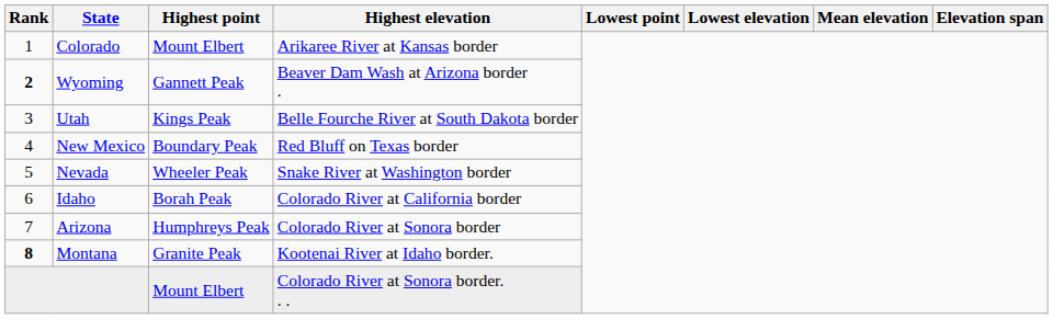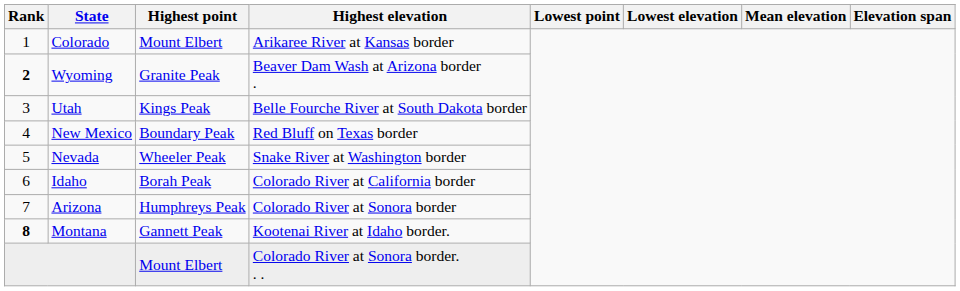 <table class="wikitable sortable">
 <tr>
 <th>Rank</th>
 <th><a href='#'>State</a></th>
 <th>Highest point</th>
 <th>Highest elevation</th>
 <th>Lowest point</th>
 <th>Lowest elevation</th>
 <th>Mean elevation</th>
 <th>Elevation span</th>
 </tr>
 <tr>
 <td align="center">1</td>
 <td><a href='#'>Colorado</a></td>
 <td><a href='#'>Mount Elbert</a><br></td>
 <td><a href='#'>Arikaree River</a> at <a href='#'>Kansas</a> border<br>  </td>
 </tr>
 <tr>
 <td align="center"><strong>2</strong></td>
 <td><a href='#'>Wyoming</a></td>
-<td><a href='#'>Gannett Peak</a><br></td>
+<td><a href='#'>Granite Peak</a><br></td>
 <td><a href='#'>Beaver Dam Wash</a> at <a href='#'>Arizona</a> border<br>  .</td>
 </tr>
 <tr>
 <td align="center">3</td>
 <td><a href='#'>Utah</a></td>
 <td><a href='#'>Kings Peak</a><br></td>
 <td><a href='#'>Belle Fourche River</a> at <a href='#'>South Dakota</a> border<br>  </td>
 </tr>
 <tr>
 <td align="center">4</td>
 <td><a href='#'>New Mexico</a></td>
 <td><a href='#'>Boundary Peak</a><br></td>
 <td><a href='#'>Red Bluff</a> on <a href='#'>Texas</a> border<br>  </td>
 </tr>
 <tr>
 <td align="center">5</td>
 <td><a href='#'>Nevada</a></td>
 <td><a href='#'>Wheeler Peak</a><br></td>
 <td><a href='#'>Snake River</a> at <a href='#'>Washington</a> border<br>  </td>
 </tr>
 <tr>
 <td align="center">6</td>
 <td><a href='#'>Idaho</a></td>
 <td><a href='#'>Borah Peak</a><br></td>
 <td><a href='#'>Colorado River</a> at <a href='#'>California</a> border<br>  </td>
 </tr>
 <tr>
 <td align="center">7</td>
 <td><a href='#'>Arizona</a></td>
 <td><a href='#'>Humphreys Peak</a><br></td>
 <td><a href='#'>Colorado River</a> at <a href='#'>Sonora</a> border<br>  </td>
 </tr>
 <tr>
 <td align="center"><strong>8</strong></td>
 <td><a href='#'>Montana</a></td>
-<td><a href='#'>Granite Peak</a><br></td>
+<td><a href='#'>Gannett Peak</a><br></td>
 <td><a href='#'>Kootenai River</a> at <a href='#'>Idaho</a> border.<br>  </td>
 </tr>
 <tr class="sortbottom" style="background:#eee;">
 <td colspan="2" style="text-align:center;"><strong></strong></td>
 <td><a href='#'>Mount Elbert</a><br></td>
 <td><a href='#'>Colorado River</a> at <a href='#'>Sonora</a> border.<br>      .  .</td>
 </tr>
 </table>
